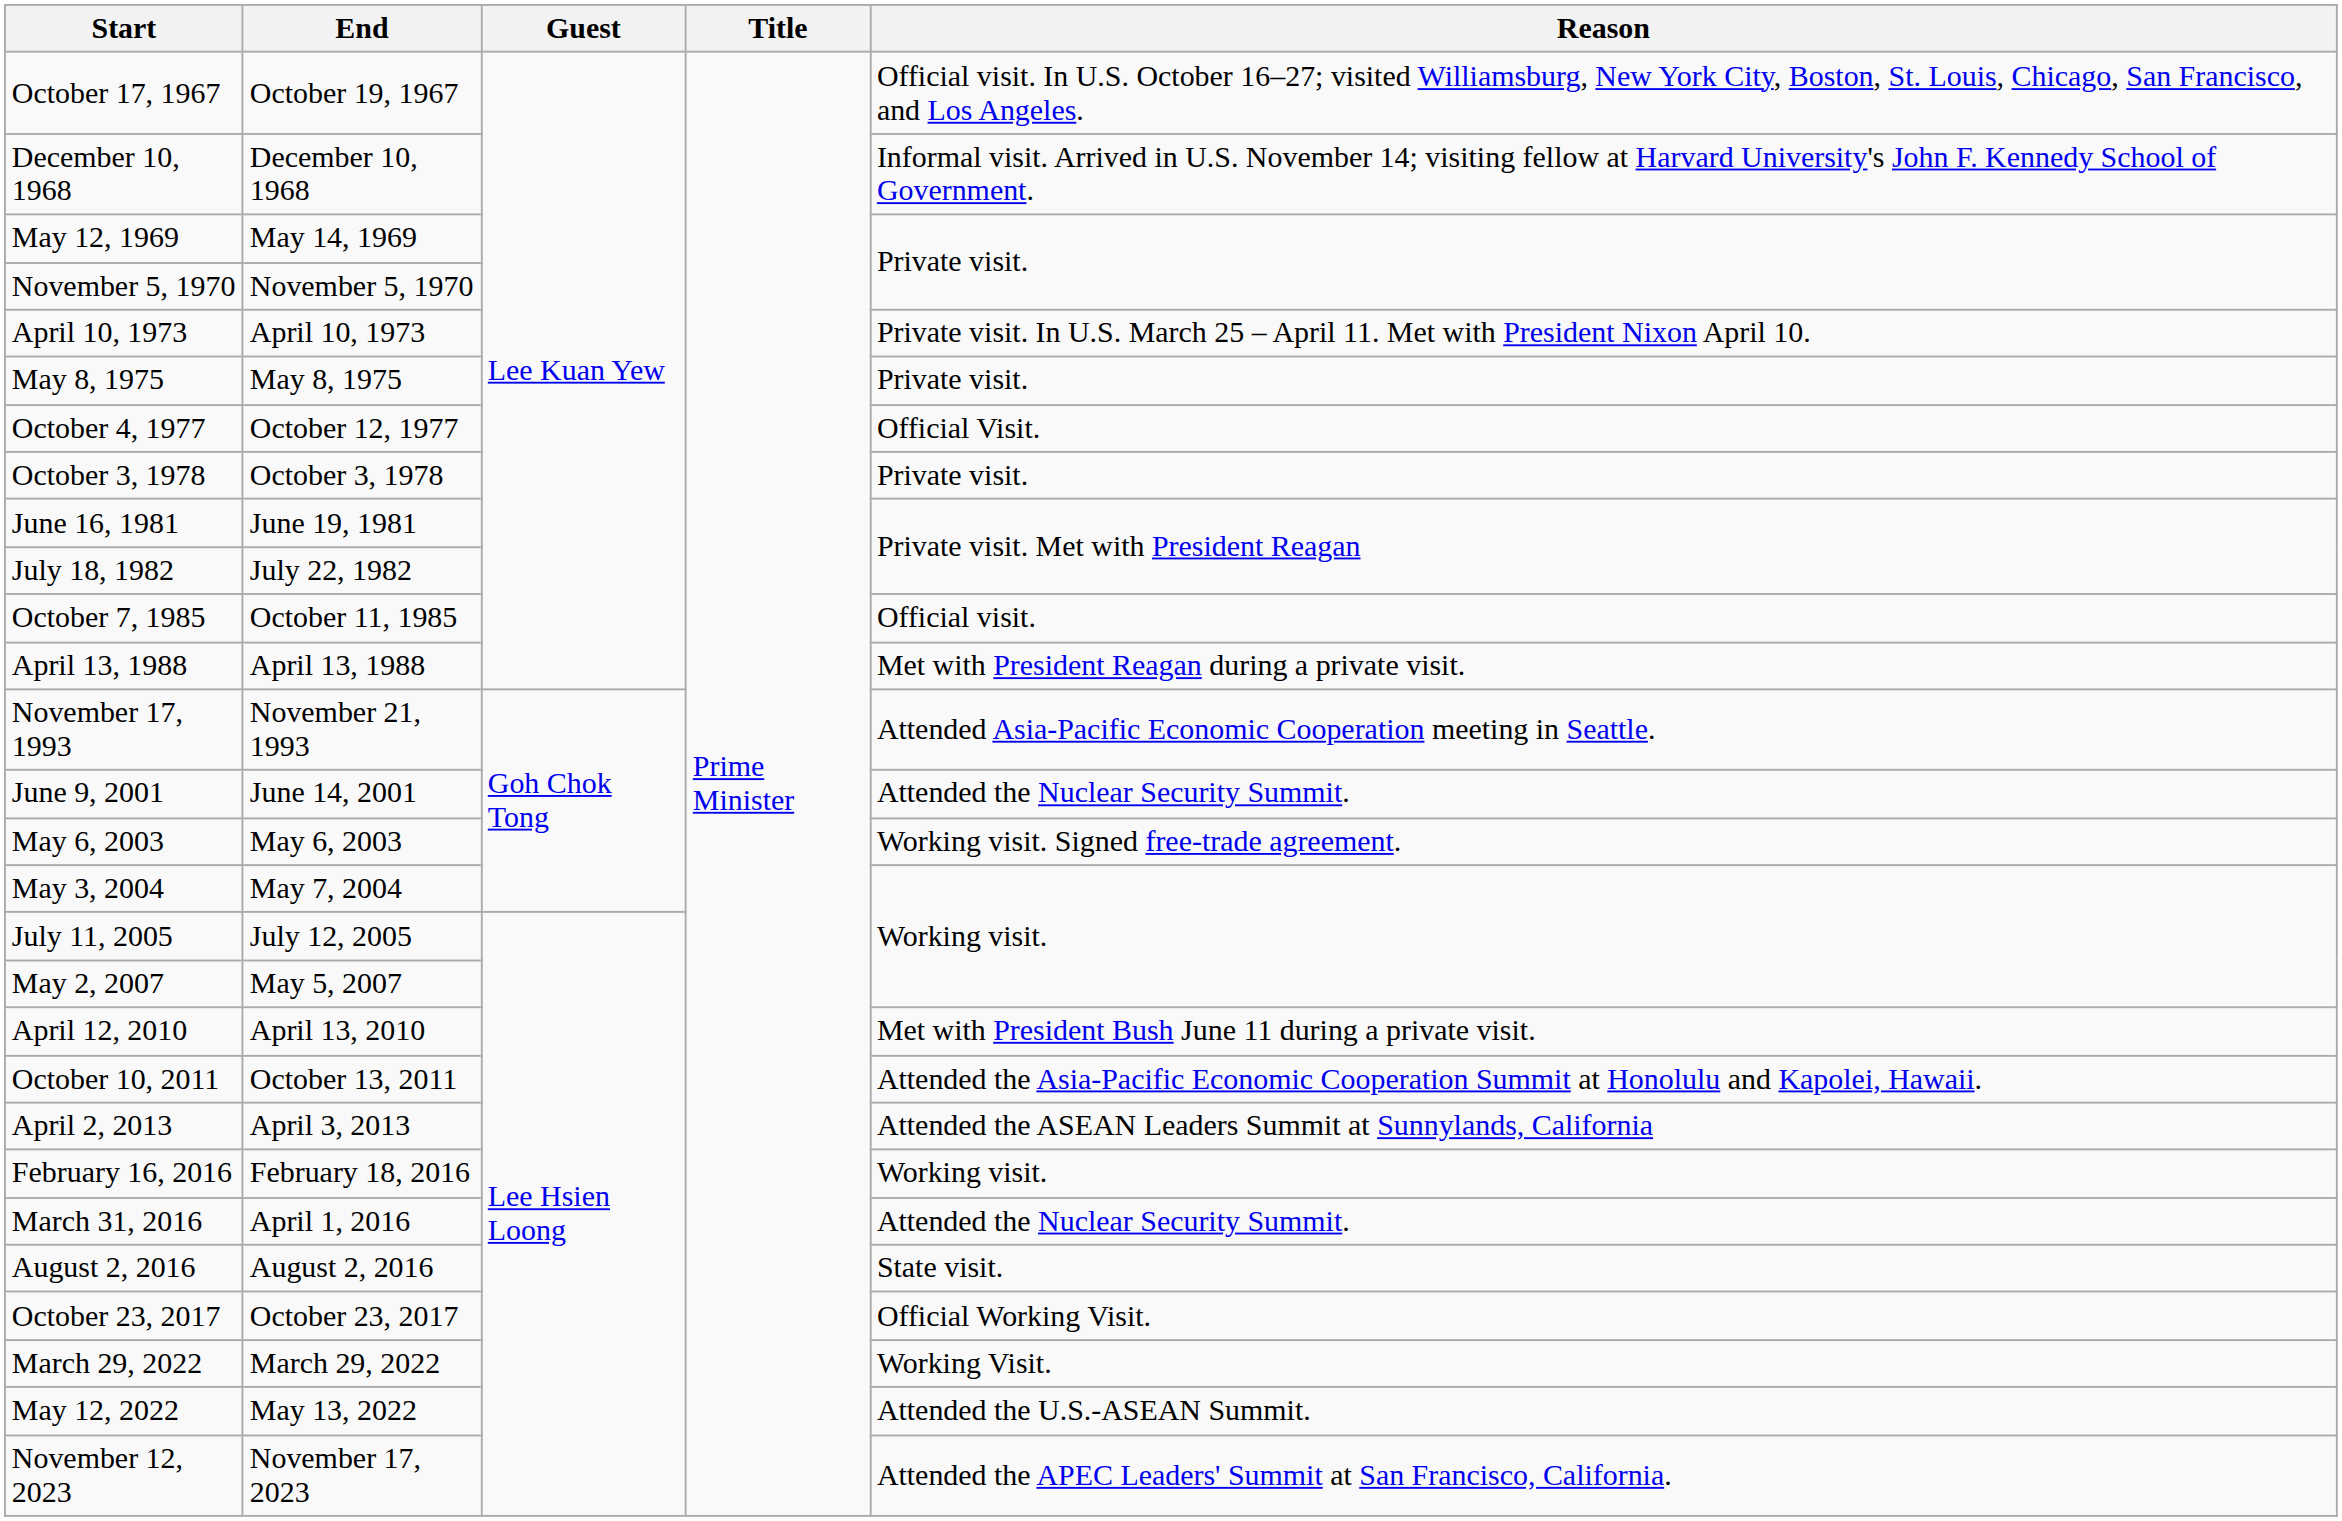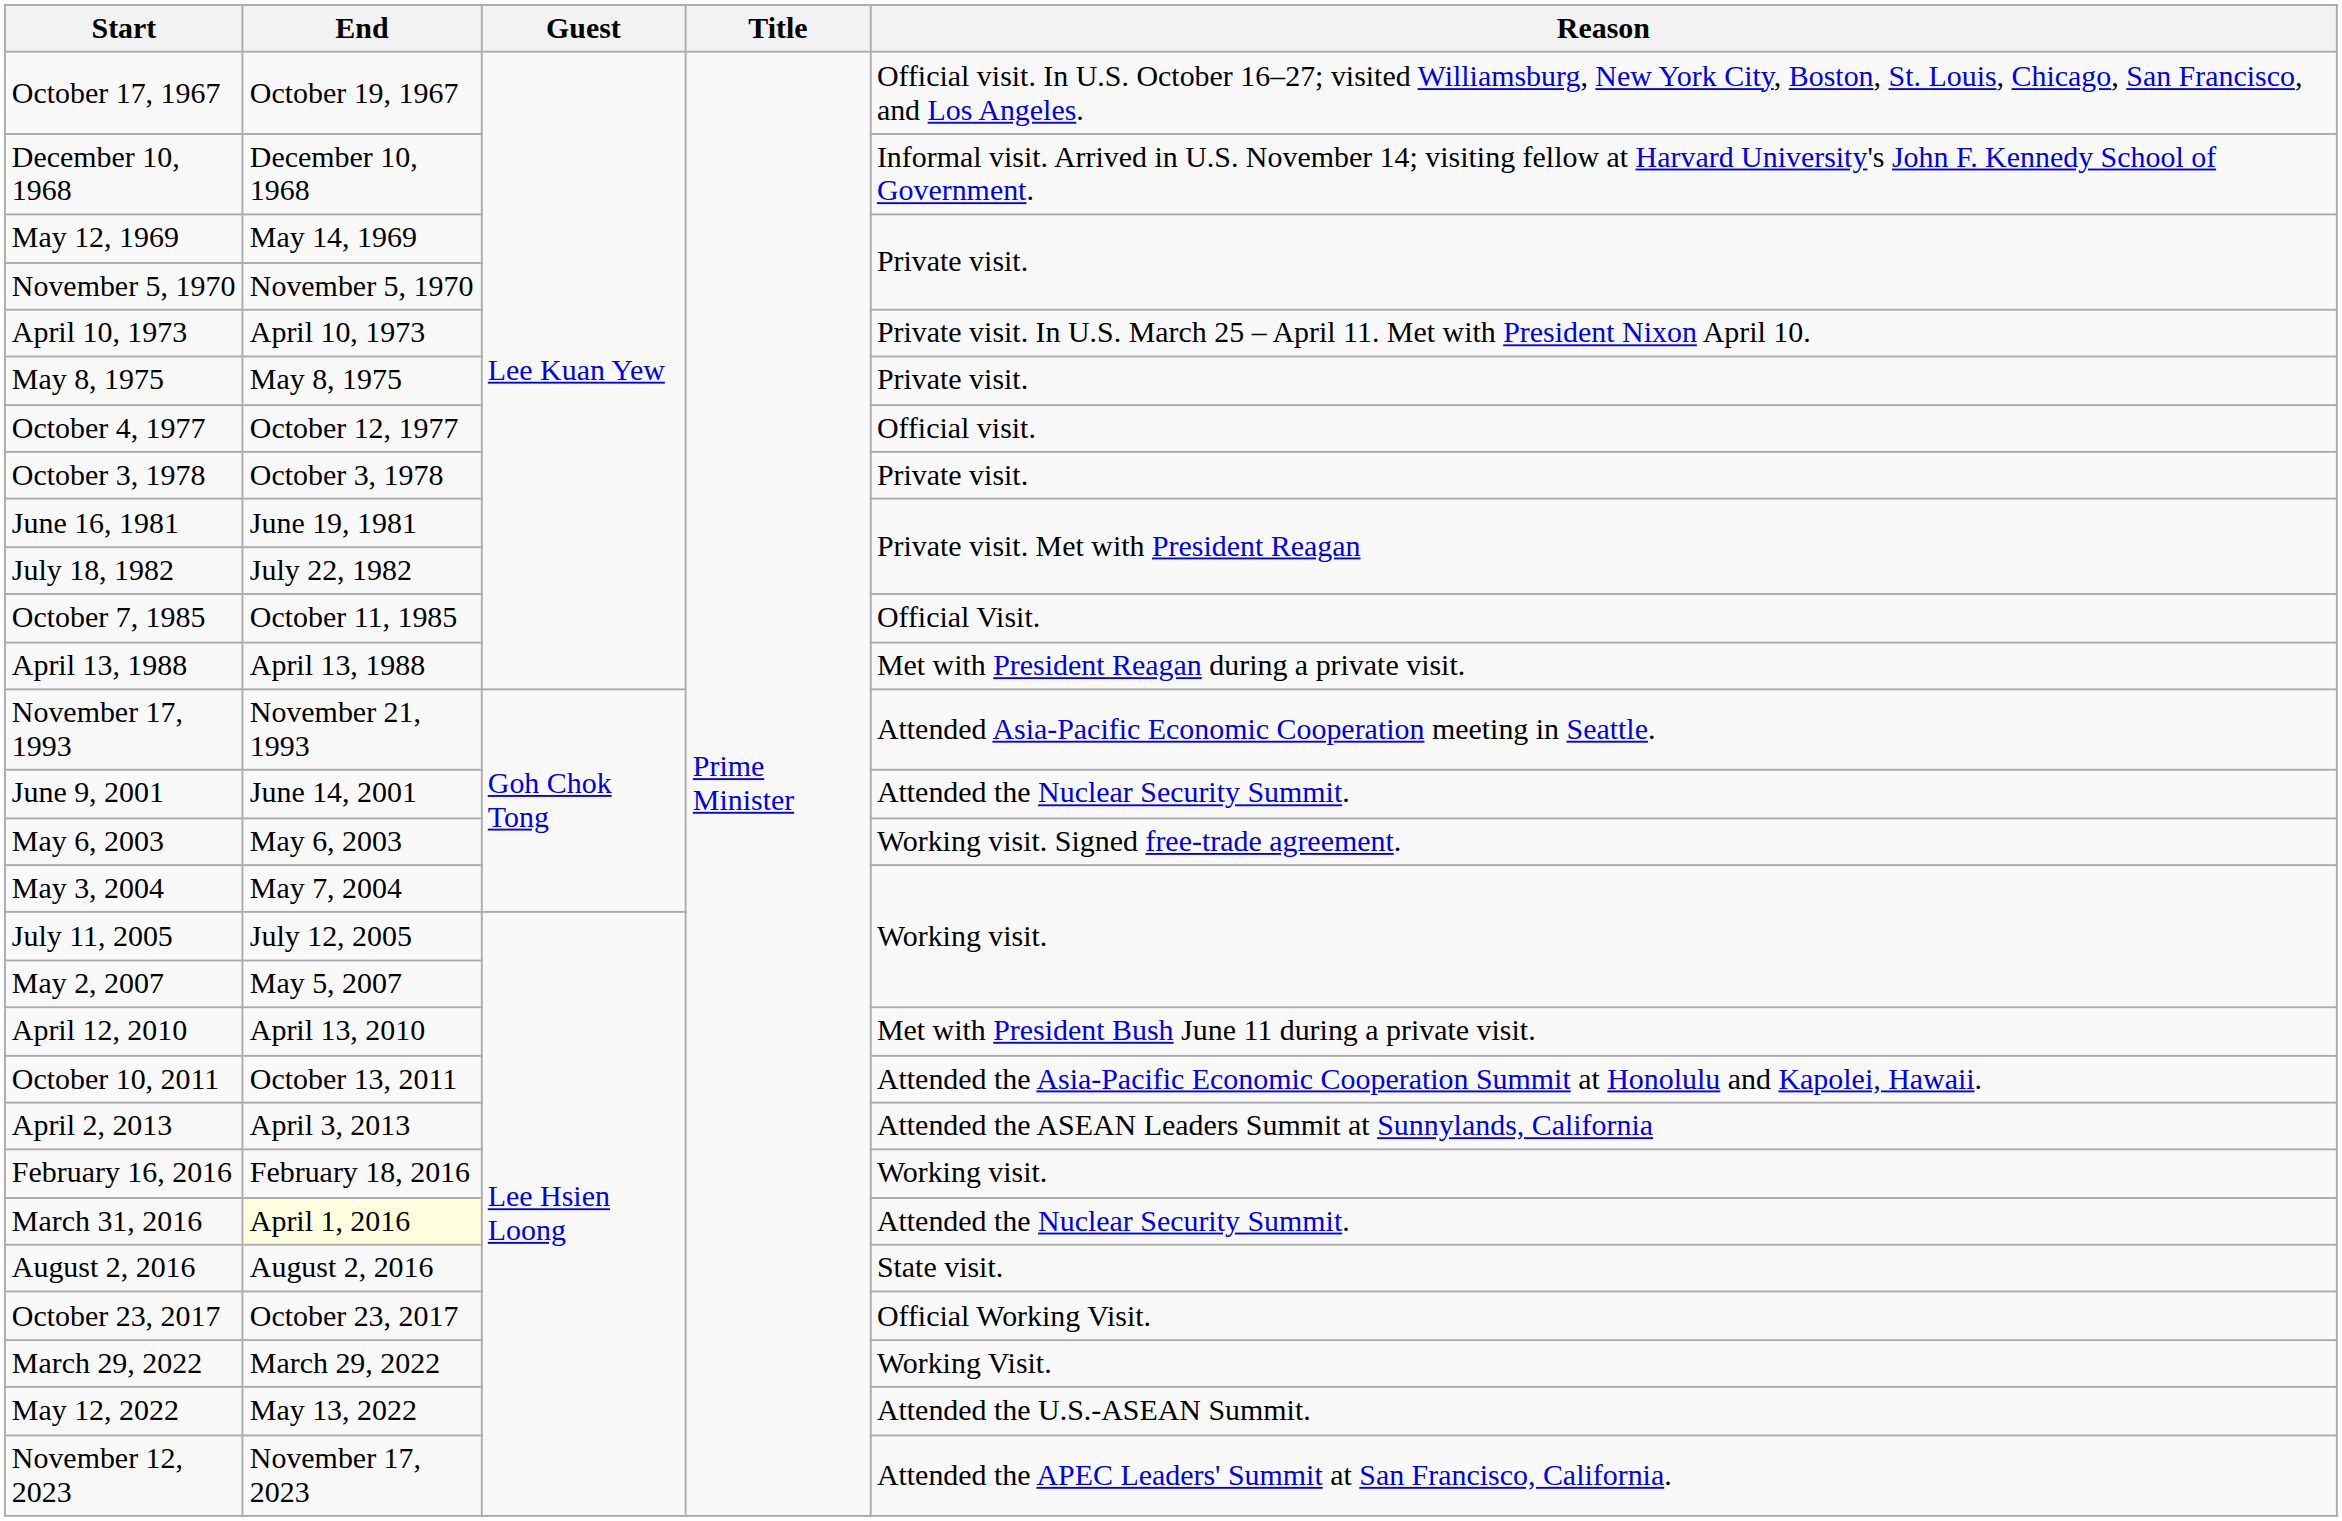 <table class="wikitable sortable">
 <tr>
 <th>Start</th>
 <th>End</th>
 <th>Guest</th>
 <th>Title</th>
 <th>Reason</th>
 </tr>
 <tr>
 <td>October 17, 1967</td>
 <td>October 19, 1967</td>
 <td rowspan=12><a href='#'>Lee Kuan Yew</a></td>
 <td rowspan=28><a href='#'>Prime Minister</a></td>
 <td>Official visit. In U.S. October 16–27; visited <a href='#'>Williamsburg</a>, <a href='#'>New York City</a>, <a href='#'>Boston</a>, <a href='#'>St. Louis</a>, <a href='#'>Chicago</a>, <a href='#'>San Francisco</a>, and <a href='#'>Los Angeles</a>.</td>
 </tr>
 <tr>
 <td>December 10, 1968</td>
 <td>December 10, 1968</td>
 <td>Informal visit. Arrived in U.S. November 14; visiting fellow at <a href='#'>Harvard University</a>'s <a href='#'>John F. Kennedy School of Government</a>.</td>
 </tr>
 <tr>
 <td>May 12, 1969</td>
 <td>May 14, 1969</td>
 <td rowspan=2>Private visit.</td>
 </tr>
 <tr>
 <td>November 5, 1970</td>
 <td>November 5, 1970</td>
 </tr>
 <tr>
 <td>April 10, 1973</td>
 <td>April 10, 1973</td>
 <td>Private visit. In U.S. March 25 – April 11. Met with <a href='#'>President Nixon</a> April 10.</td>
 </tr>
 <tr>
 <td>May 8, 1975</td>
 <td>May 8, 1975</td>
 <td>Private visit.</td>
 </tr>
 <tr>
 <td>October 4, 1977</td>
 <td>October 12, 1977</td>
-<td>Official Visit.</td>
+<td>Official visit.</td>
 </tr>
 <tr>
 <td>October 3, 1978</td>
 <td>October 3, 1978</td>
 <td>Private visit.</td>
 </tr>
 <tr>
 <td>June 16, 1981</td>
 <td>June 19, 1981</td>
 <td rowspan=2>Private visit. Met with <a href='#'>President Reagan</a></td>
 </tr>
 <tr>
 <td>July 18, 1982</td>
 <td>July 22, 1982</td>
 </tr>
 <tr>
 <td>October 7, 1985</td>
 <td>October 11, 1985</td>
-<td>Official visit.</td>
+<td>Official Visit.</td>
 </tr>
 <tr>
 <td>April 13, 1988</td>
 <td>April 13, 1988</td>
 <td>Met with <a href='#'>President Reagan</a> during a private visit.</td>
 </tr>
 <tr>
 <td>November 17, 1993</td>
 <td>November 21, 1993</td>
 <td rowspan=4><a href='#'>Goh Chok Tong</a></td>
 <td>Attended <a href='#'>Asia-Pacific Economic Cooperation</a> meeting in <a href='#'>Seattle</a>.</td>
 </tr>
 <tr>
 <td>June 9, 2001</td>
 <td>June 14, 2001</td>
 <td>Attended the <a href='#'>Nuclear Security Summit</a>.</td>
 </tr>
 <tr>
 <td>May 6, 2003</td>
 <td>May 6, 2003</td>
 <td>Working visit. Signed <a href='#'>free-trade agreement</a>.</td>
 </tr>
 <tr>
 <td>May 3, 2004</td>
 <td>May 7, 2004</td>
 <td rowspan=3>Working visit.</td>
 </tr>
 <tr>
 <td>July 11, 2005</td>
 <td>July 12, 2005</td>
 <td rowspan=12><a href='#'>Lee Hsien Loong</a></td>
 </tr>
 <tr>
 <td>May 2, 2007</td>
 <td>May 5, 2007</td>
 </tr>
 <tr>
 <td>April 12, 2010</td>
 <td>April 13, 2010</td>
 <td>Met with <a href='#'>President Bush</a> June 11 during a private visit.</td>
 </tr>
 <tr>
 <td>October 10, 2011</td>
 <td>October 13, 2011</td>
 <td>Attended the <a href='#'>Asia-Pacific Economic Cooperation Summit</a> at <a href='#'>Honolulu</a> and <a href='#'>Kapolei, Hawaii</a>.</td>
 </tr>
 <tr>
 <td>April 2, 2013</td>
 <td>April 3, 2013</td>
 <td>Attended the ASEAN Leaders Summit at <a href='#'>Sunnylands, California</a></td>
 </tr>
 <tr>
 <td>February 16, 2016</td>
 <td>February 18, 2016</td>
 <td>Working visit.</td>
 </tr>
 <tr>
 <td>March 31, 2016</td>
-<td>April 1, 2016</td>
+<td style="background: lightyellow;">April 1, 2016</td>
 <td>Attended the <a href='#'>Nuclear Security Summit</a>.</td>
 </tr>
 <tr>
 <td>August 2, 2016</td>
 <td>August 2, 2016</td>
 <td>State visit.</td>
 </tr>
 <tr>
 <td>October 23, 2017</td>
 <td>October 23, 2017</td>
 <td>Official Working Visit.</td>
 </tr>
 <tr>
 <td>March 29, 2022</td>
 <td>March 29, 2022</td>
 <td>Working Visit.</td>
 </tr>
 <tr>
 <td>May 12, 2022</td>
 <td>May 13, 2022</td>
 <td>Attended the U.S.-ASEAN Summit.</td>
 </tr>
 <tr>
 <td>November 12, 2023</td>
 <td>November 17, 2023</td>
 <td>Attended the <a href='#'>APEC Leaders' Summit</a> at <a href='#'>San Francisco, California</a>.</td>
 </tr>
 </table>
